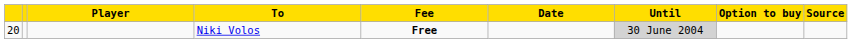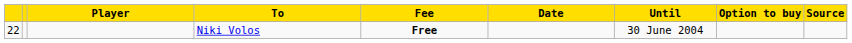 <table class="wikitable sortable">
 <tr>
 <th style="background:#FFDE00"></th>
 <th style="background:#FFDE00"></th>
 <th width=200 style="background:#FFDE00">Player</th>
 <th width=200 style="background:#FFDE00">To</th>
 <th width=150 style="background:#FFDE00">Fee</th>
 <th width=150 style="background:#FFDE00">Date</th>
 <th width=120 style="background:#FFDE00">Until</th>
 <th style="background:#FFDE00">Option to buy</th>
 <th style="background:#FFDE00">Source</th>
 </tr>
 <tr>
-<td align=center>20</td>
+<td align=center>22</td>
 <td align=center></td>
 <td></td>
 <td> <a href='#'>Niki Volos</a></td>
 <td align=center><strong>Free</strong></td>
 <td align=center></td>
-<td align=center style="background: lightgrey;">30 June 2004</td>
+<td align=center>30 June 2004</td>
 <td align=center></td>
 <td align=center></td>
 </tr>
 </table>
